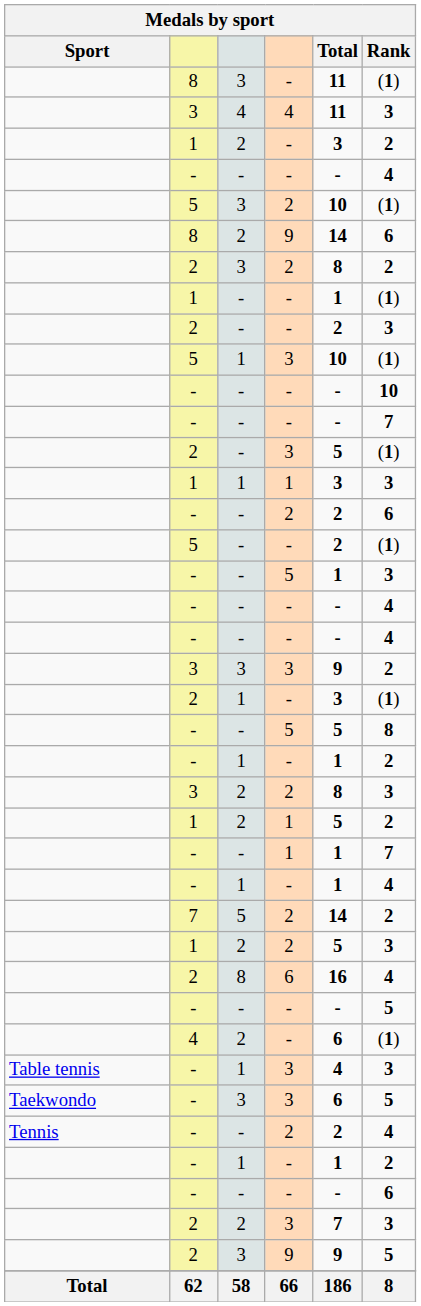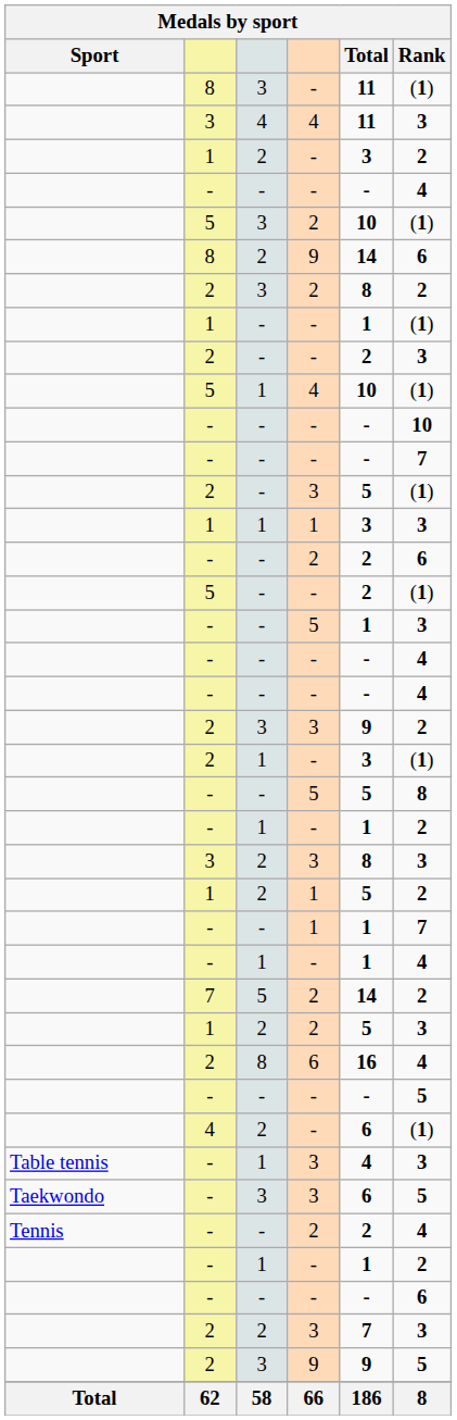 <table class="wikitable sortable" style="font-size:90%; text-align:center">
 <tr>
 <th colspan=6>Medals by sport</th>
 </tr>
 <tr>
 <th width=120>Sport</th>
 <th scope="col" width=30 style="background:#F7F6A8;"></th>
 <th scope="col" width=30 style="background:#DCE5E5;"></th>
 <th scope="col" width=30 style="background:#FFDAB9;"></th>
 <th width=30>Total</th>
 <th width=30>Rank</th>
 </tr>
 <tr>
 <td align=left></td>
 <td style="background:#F7F6A8;">8</td>
 <td style="background:#DCE5E5;">3</td>
 <td style="background:#FFDAB9;">-</td>
 <td><strong>11</strong></td>
 <td>(<strong>1</strong>)</td>
 </tr>
 <tr>
 <td align=left></td>
 <td style="background:#F7F6A8;">3</td>
 <td style="background:#DCE5E5;">4</td>
 <td style="background:#FFDAB9;">4</td>
 <td><strong>11</strong></td>
 <td><strong>3</strong></td>
 </tr>
 <tr>
 <td align=left></td>
 <td style="background:#F7F6A8;">1</td>
 <td style="background:#DCE5E5;">2</td>
 <td style="background:#FFDAB9;">-</td>
 <td><strong>3</strong></td>
 <td><strong>2</strong></td>
 </tr>
 <tr>
 <td align=left></td>
 <td style="background:#F7F6A8;">-</td>
 <td style="background:#DCE5E5;">-</td>
 <td style="background:#FFDAB9;">-</td>
 <td><strong>-</strong></td>
 <td><strong>4</strong></td>
 </tr>
 <tr>
 <td align=left></td>
 <td style="background:#F7F6A8;">5</td>
 <td style="background:#DCE5E5;">3</td>
 <td style="background:#FFDAB9;">2</td>
 <td><strong>10</strong></td>
 <td>(<strong>1</strong>)</td>
 </tr>
 <tr>
 <td align=left></td>
 <td style="background:#F7F6A8;">8</td>
 <td style="background:#DCE5E5;">2</td>
 <td style="background:#FFDAB9;">9</td>
 <td><strong>14</strong></td>
 <td><strong>6</strong></td>
 </tr>
 <tr>
 <td align=left></td>
 <td style="background:#F7F6A8;">2</td>
 <td style="background:#DCE5E5;">3</td>
 <td style="background:#FFDAB9;">2</td>
 <td><strong>8</strong></td>
 <td><strong>2</strong></td>
 </tr>
 <tr>
 <td align=left></td>
 <td style="background:#F7F6A8;">1</td>
 <td style="background:#DCE5E5;">-</td>
 <td style="background:#FFDAB9;">-</td>
 <td><strong>1</strong></td>
 <td>(<strong>1</strong>)</td>
 </tr>
 <tr>
 <td align=left></td>
 <td style="background:#F7F6A8;">2</td>
 <td style="background:#DCE5E5;">-</td>
 <td style="background:#FFDAB9;">-</td>
 <td><strong>2</strong></td>
 <td><strong>3</strong></td>
 </tr>
 <tr>
 <td align=left></td>
 <td style="background:#F7F6A8;">5</td>
 <td style="background:#DCE5E5;">1</td>
-<td style="background:#FFDAB9;">3</td>
+<td style="background:#FFDAB9;">4</td>
 <td><strong>10</strong></td>
 <td>(<strong>1</strong>)</td>
 </tr>
 <tr>
 <td align=left></td>
 <td style="background:#F7F6A8;">-</td>
 <td style="background:#DCE5E5;">-</td>
 <td style="background:#FFDAB9;">-</td>
 <td><strong>-</strong></td>
 <td><strong>10</strong></td>
 </tr>
 <tr>
 <td align=left></td>
 <td style="background:#F7F6A8;">-</td>
 <td style="background:#DCE5E5;">-</td>
 <td style="background:#FFDAB9;">-</td>
 <td><strong>-</strong></td>
 <td><strong>7</strong></td>
 </tr>
 <tr>
 <td align=left></td>
 <td style="background:#F7F6A8;">2</td>
 <td style="background:#DCE5E5;">-</td>
 <td style="background:#FFDAB9;">3</td>
 <td><strong>5</strong></td>
 <td>(<strong>1</strong>)</td>
 </tr>
 <tr>
 <td align=left></td>
 <td style="background:#F7F6A8;">1</td>
 <td style="background:#DCE5E5;">1</td>
 <td style="background:#FFDAB9;">1</td>
 <td><strong>3</strong></td>
 <td><strong>3</strong></td>
 </tr>
 <tr>
 <td align=left></td>
 <td style="background:#F7F6A8;">-</td>
 <td style="background:#DCE5E5;">-</td>
 <td style="background:#FFDAB9;">2</td>
 <td><strong>2</strong></td>
 <td><strong>6</strong></td>
 </tr>
 <tr>
 <td align=left></td>
 <td style="background:#F7F6A8;">5</td>
 <td style="background:#DCE5E5;">-</td>
 <td style="background:#FFDAB9;">-</td>
 <td><strong>2</strong></td>
 <td>(<strong>1</strong>)</td>
 </tr>
 <tr>
 <td align=left></td>
 <td style="background:#F7F6A8;">-</td>
 <td style="background:#DCE5E5;">-</td>
 <td style="background:#FFDAB9;">5</td>
 <td><strong>1</strong></td>
 <td><strong>3</strong></td>
 </tr>
 <tr>
 <td align=left></td>
 <td style="background:#F7F6A8;">-</td>
 <td style="background:#DCE5E5;">-</td>
 <td style="background:#FFDAB9;">-</td>
 <td><strong>-</strong></td>
 <td><strong>4</strong></td>
 </tr>
 <tr>
 <td align=left></td>
 <td style="background:#F7F6A8;">-</td>
 <td style="background:#DCE5E5;">-</td>
 <td style="background:#FFDAB9;">-</td>
 <td><strong>-</strong></td>
 <td><strong>4</strong></td>
 </tr>
 <tr>
 <td align=left></td>
-<td style="background:#F7F6A8;">3</td>
+<td style="background:#F7F6A8;">2</td>
 <td style="background:#DCE5E5;">3</td>
 <td style="background:#FFDAB9;">3</td>
 <td><strong>9</strong></td>
 <td><strong>2</strong></td>
 </tr>
 <tr>
 <td align=left></td>
 <td style="background:#F7F6A8;">2</td>
 <td style="background:#DCE5E5;">1</td>
 <td style="background:#FFDAB9;">-</td>
 <td><strong>3</strong></td>
 <td>(<strong>1</strong>)</td>
 </tr>
 <tr>
 <td align=left></td>
 <td style="background:#F7F6A8;">-</td>
 <td style="background:#DCE5E5;">-</td>
 <td style="background:#FFDAB9;">5</td>
 <td><strong>5</strong></td>
 <td><strong>8</strong></td>
 </tr>
 <tr>
 <td align=left></td>
 <td style="background:#F7F6A8;">-</td>
 <td style="background:#DCE5E5;">1</td>
 <td style="background:#FFDAB9;">-</td>
 <td><strong>1</strong></td>
 <td><strong>2</strong></td>
 </tr>
 <tr>
 <td align=left></td>
 <td style="background:#F7F6A8;">3</td>
 <td style="background:#DCE5E5;">2</td>
-<td style="background:#FFDAB9;">2</td>
+<td style="background:#FFDAB9;">3</td>
 <td><strong>8</strong></td>
 <td><strong>3</strong></td>
 </tr>
 <tr>
 <td align=left></td>
 <td style="background:#F7F6A8;">1</td>
 <td style="background:#DCE5E5;">2</td>
 <td style="background:#FFDAB9;">1</td>
 <td><strong>5</strong></td>
 <td><strong>2</strong></td>
 </tr>
 <tr>
 <td align=left></td>
 <td style="background:#F7F6A8;">-</td>
 <td style="background:#DCE5E5;">-</td>
 <td style="background:#FFDAB9;">1</td>
 <td><strong>1</strong></td>
 <td><strong>7</strong></td>
 </tr>
 <tr>
 <td align=left></td>
 <td style="background:#F7F6A8;">-</td>
 <td style="background:#DCE5E5;">1</td>
 <td style="background:#FFDAB9;">-</td>
 <td><strong>1</strong></td>
 <td><strong>4</strong></td>
 </tr>
 <tr>
 <td align=left></td>
 <td style="background:#F7F6A8;">7</td>
 <td style="background:#DCE5E5;">5</td>
 <td style="background:#FFDAB9;">2</td>
 <td><strong>14</strong></td>
 <td><strong>2</strong></td>
 </tr>
 <tr>
 <td align=left></td>
 <td style="background:#F7F6A8;">1</td>
 <td style="background:#DCE5E5;">2</td>
 <td style="background:#FFDAB9;">2</td>
 <td><strong>5</strong></td>
 <td><strong>3</strong></td>
 </tr>
 <tr>
 <td align=left></td>
 <td style="background:#F7F6A8;">2</td>
 <td style="background:#DCE5E5;">8</td>
 <td style="background:#FFDAB9;">6</td>
 <td><strong>16</strong></td>
 <td><strong>4</strong></td>
 </tr>
 <tr>
 <td align=left></td>
 <td style="background:#F7F6A8;">-</td>
 <td style="background:#DCE5E5;">-</td>
 <td style="background:#FFDAB9;">-</td>
 <td><strong>-</strong></td>
 <td><strong>5</strong></td>
 </tr>
 <tr>
 <td align=left></td>
 <td style="background:#F7F6A8;">4</td>
 <td style="background:#DCE5E5;">2</td>
 <td style="background:#FFDAB9;">-</td>
 <td><strong>6</strong></td>
 <td>(<strong>1</strong>)</td>
 </tr>
 <tr>
 <td align=left><a href='#'>Table tennis</a></td>
 <td style="background:#F7F6A8;">-</td>
 <td style="background:#DCE5E5;">1</td>
 <td style="background:#FFDAB9;">3</td>
 <td><strong>4</strong></td>
 <td><strong>3</strong></td>
 </tr>
 <tr>
 <td align=left><a href='#'>Taekwondo</a></td>
 <td style="background:#F7F6A8;">-</td>
 <td style="background:#DCE5E5;">3</td>
 <td style="background:#FFDAB9;">3</td>
 <td><strong>6</strong></td>
 <td><strong>5</strong></td>
 </tr>
 <tr>
 <td align=left><a href='#'>Tennis</a></td>
 <td style="background:#F7F6A8;">-</td>
 <td style="background:#DCE5E5;">-</td>
 <td style="background:#FFDAB9;">2</td>
 <td><strong>2</strong></td>
 <td><strong>4</strong></td>
 </tr>
 <tr>
 <td align=left></td>
 <td style="background:#F7F6A8;">-</td>
 <td style="background:#DCE5E5;">1</td>
 <td style="background:#FFDAB9;">-</td>
 <td><strong>1</strong></td>
 <td><strong>2</strong></td>
 </tr>
 <tr>
 <td align=left></td>
 <td style="background:#F7F6A8;">-</td>
 <td style="background:#DCE5E5;">-</td>
 <td style="background:#FFDAB9;">-</td>
 <td><strong>-</strong></td>
 <td><strong>6</strong></td>
 </tr>
 <tr>
 <td align=left></td>
 <td style="background:#F7F6A8;">2</td>
 <td style="background:#DCE5E5;">2</td>
 <td style="background:#FFDAB9;">3</td>
 <td><strong>7</strong></td>
 <td><strong>3</strong></td>
 </tr>
 <tr>
 <td align=left></td>
 <td style="background:#F7F6A8;">2</td>
 <td style="background:#DCE5E5;">3</td>
 <td style="background:#FFDAB9;">9</td>
 <td><strong>9</strong></td>
 <td><strong>5</strong></td>
 </tr>
 <tr>
 </tr>
 <tr class="sortbottom">
 <th>Total</th>
 <th>62</th>
 <th>58</th>
 <th>66</th>
 <th>186</th>
 <th>8</th>
 </tr>
 </table>
